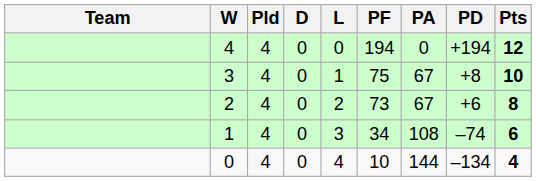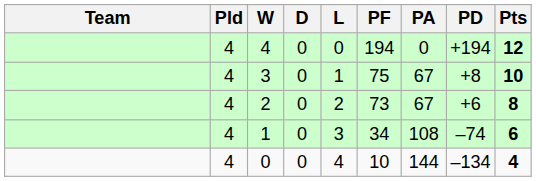 <table class="wikitable" style="text-align:center;">
 <tr>
 <th width=175>Team</th>
+<th width=25 abbr="Played">Pld</th>
 <th width=25 abbr="Won">W</th>
-<th width=25 abbr="Played">Pld</th>
 <th width=25 abbr="Drawn">D</th>
 <th width=25 abbr="Lost">L</th>
 <th width=32 abbr="Points for">PF</th>
 <th width=32 abbr="Points against">PA</th>
 <th width=32 abbr="Points difference">PD</th>
 <th width=25 abbr="Points">Pts</th>
 </tr>
 <tr bgcolor=ccffcc>
 <td align=left></td>
 <td>4</td>
 <td>4</td>
 <td>0</td>
 <td>0</td>
 <td>194</td>
 <td>0</td>
 <td>+194</td>
 <td><strong>12</strong></td>
 </tr>
 <tr bgcolor=ccffcc>
 <td align=left></td>
+<td>4</td>
 <td>3</td>
-<td>4</td>
 <td>0</td>
 <td>1</td>
 <td>75</td>
 <td>67</td>
 <td>+8</td>
 <td><strong>10</strong></td>
 </tr>
 <tr bgcolor=ccffcc>
 <td align=left></td>
+<td>4</td>
 <td>2</td>
-<td>4</td>
 <td>0</td>
 <td>2</td>
 <td>73</td>
 <td>67</td>
 <td>+6</td>
 <td><strong>8</strong></td>
 </tr>
 <tr bgcolor=ccffcc>
 <td align=left></td>
+<td>4</td>
 <td>1</td>
-<td>4</td>
 <td>0</td>
 <td>3</td>
 <td>34</td>
 <td>108</td>
 <td>–74</td>
 <td><strong>6</strong></td>
 </tr>
 <tr>
 <td align=left></td>
+<td>4</td>
 <td>0</td>
-<td>4</td>
 <td>0</td>
 <td>4</td>
 <td>10</td>
 <td>144</td>
 <td>–134</td>
 <td><strong>4</strong></td>
 </tr>
 </table>
